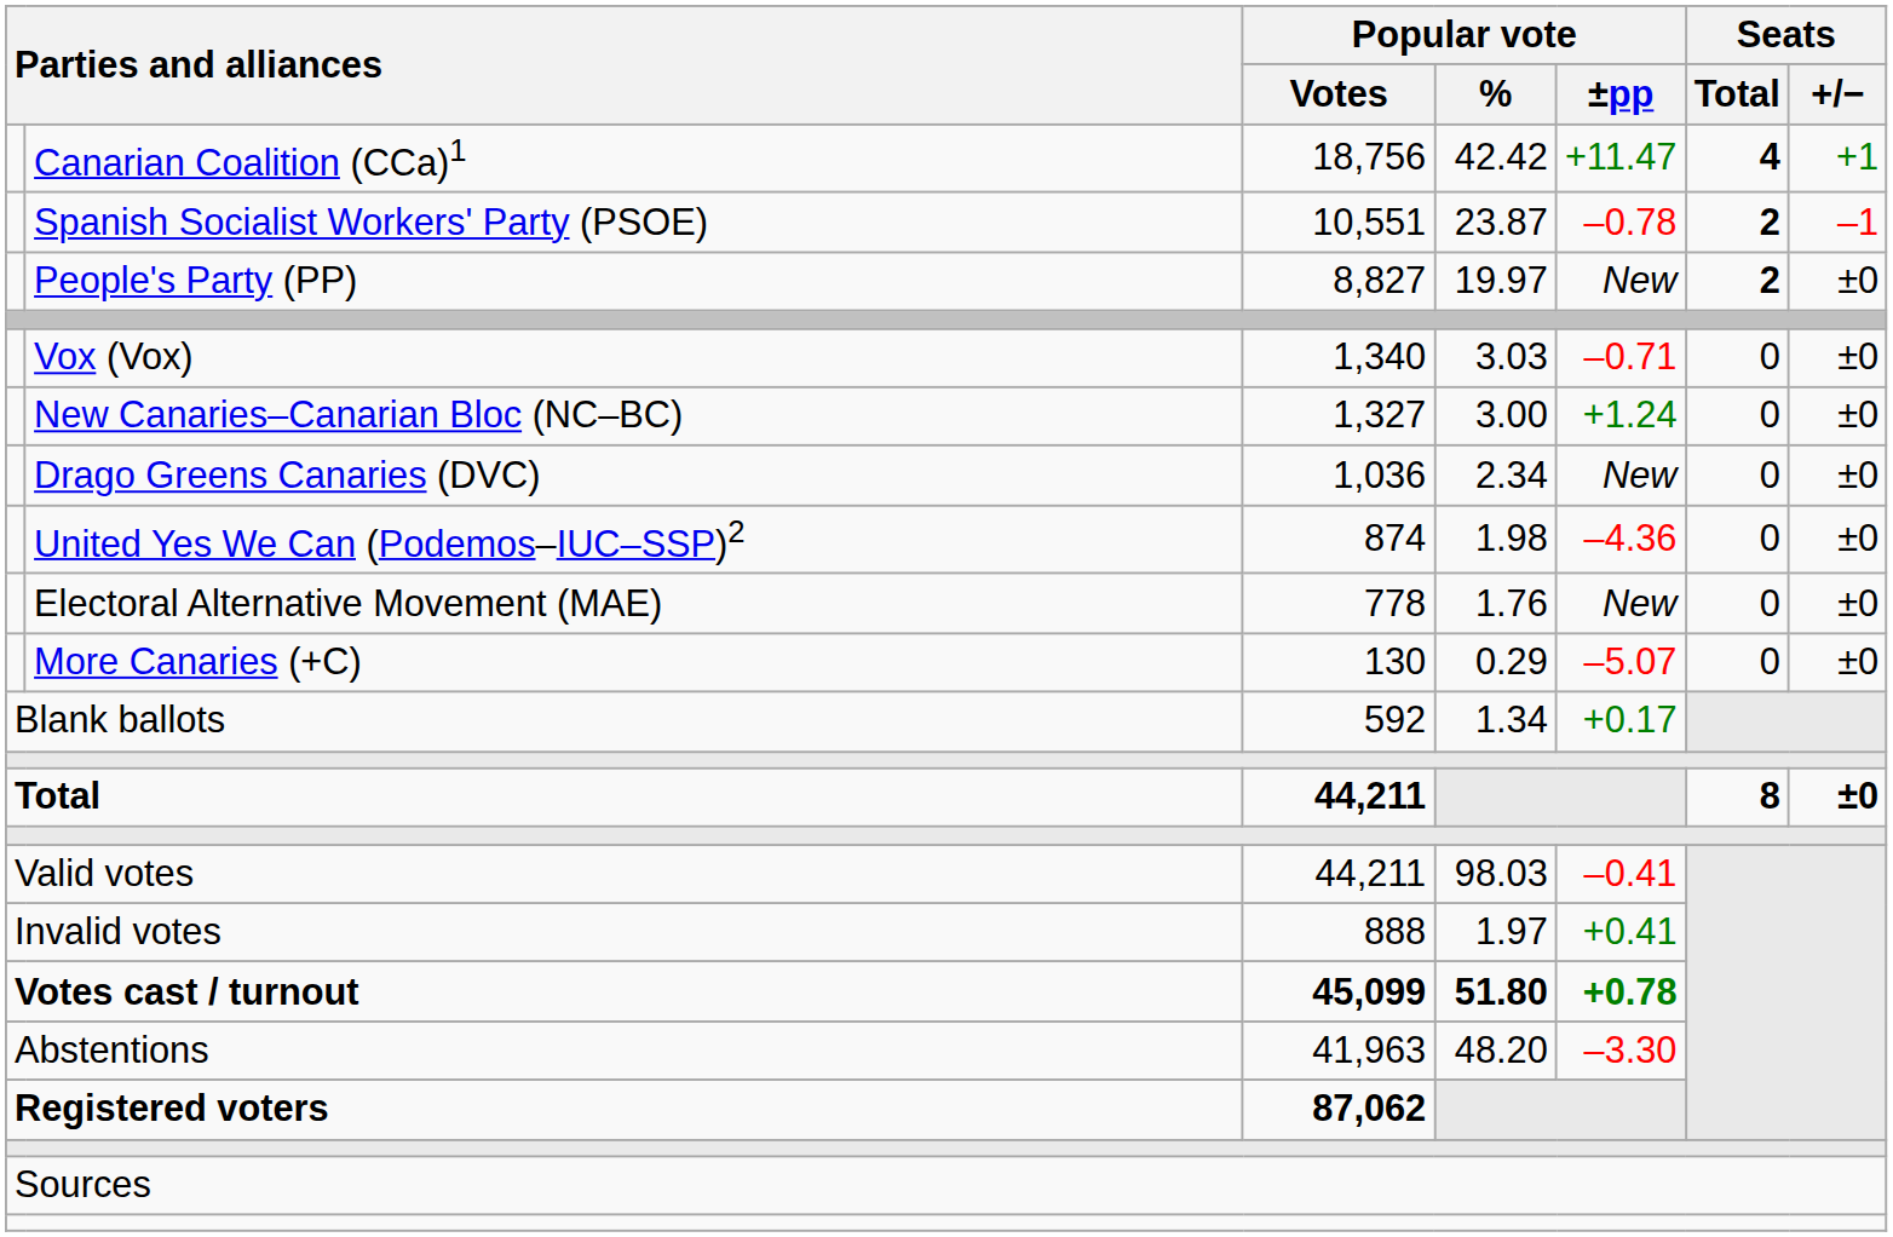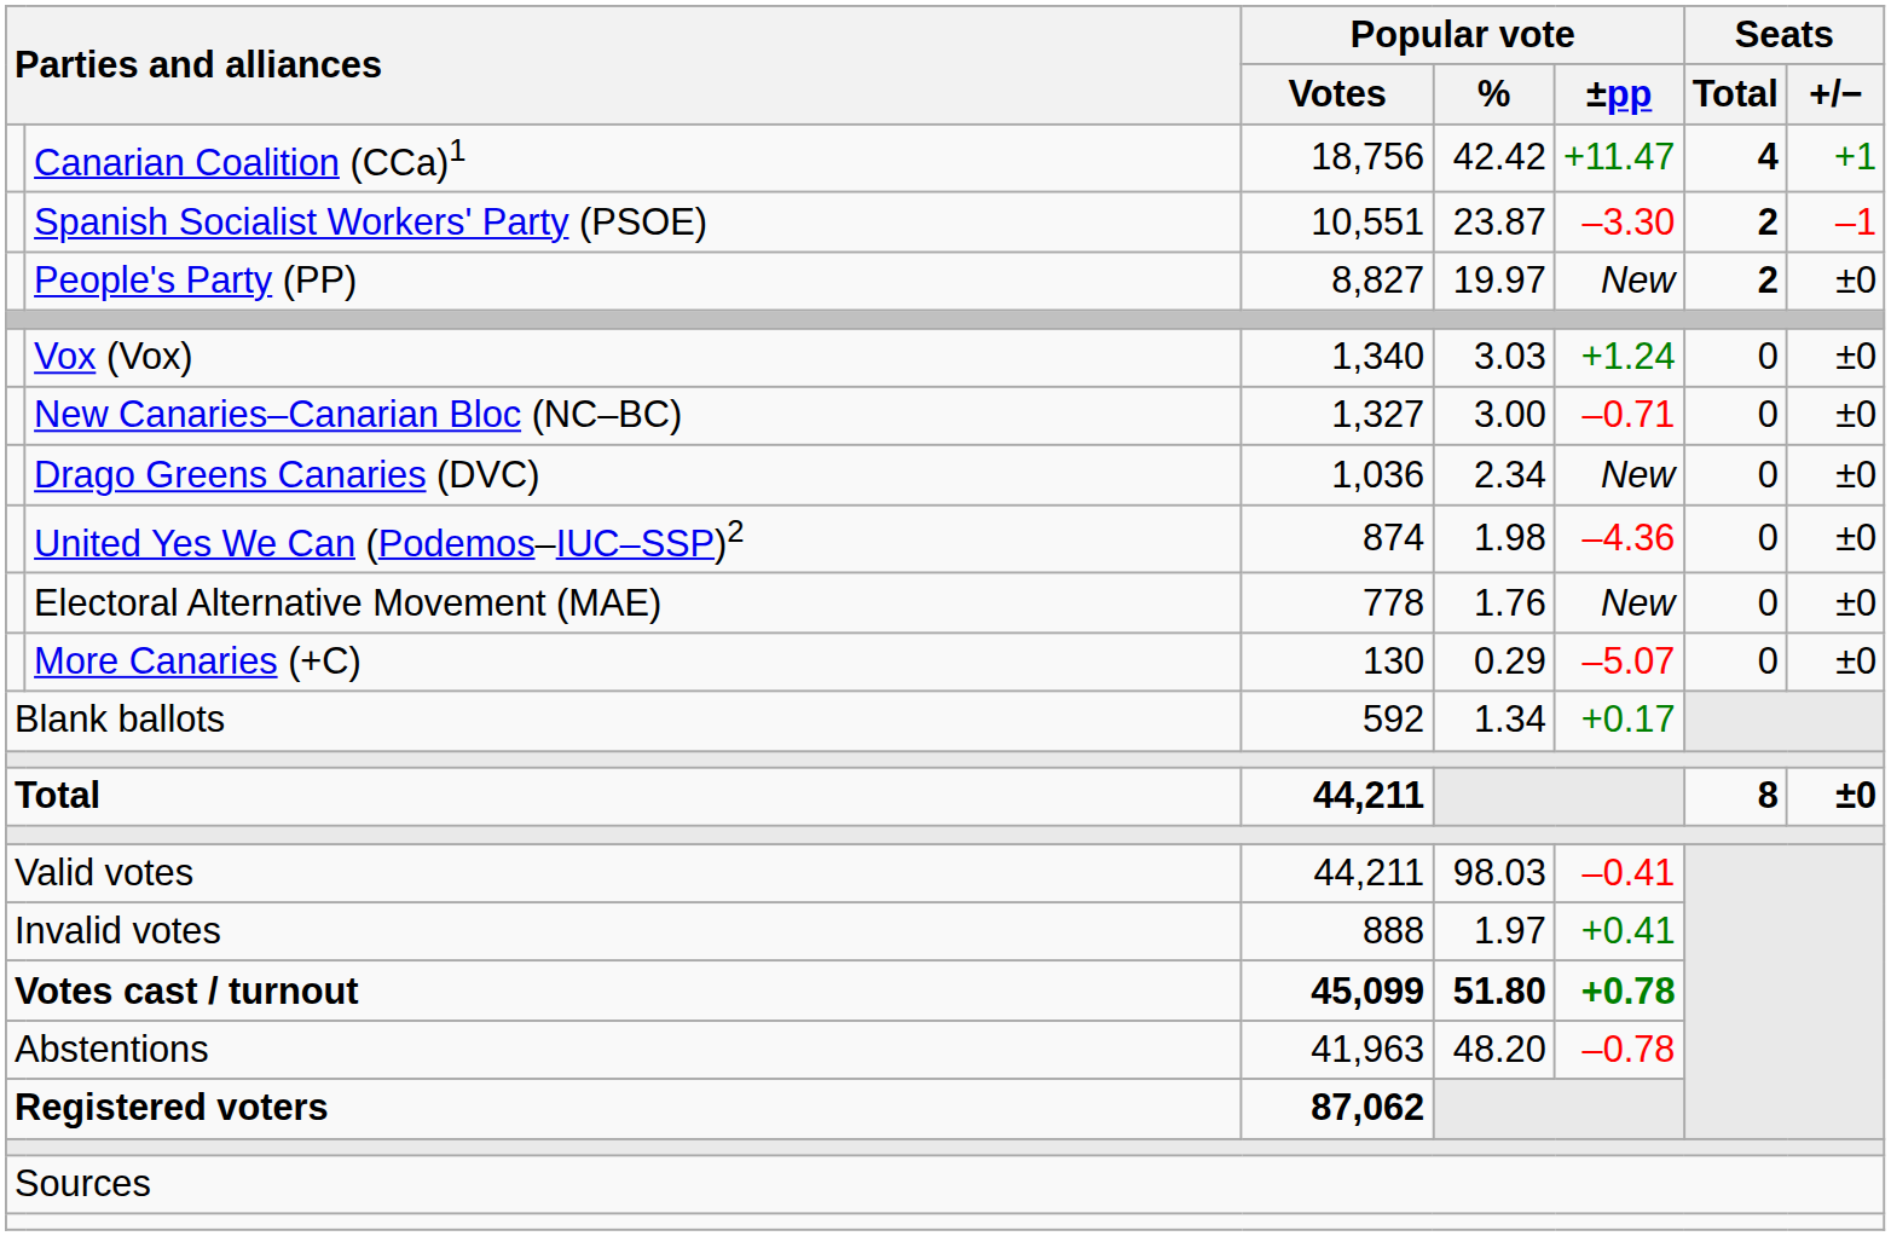 <table class="wikitable" style="text-align:right;">
 <tr>
 <th style="text-align:left;" rowspan="2" colspan="2" width="525">Parties and alliances</th>
 <th colspan="3">Popular vote</th>
 <th colspan="2">Seats</th>
 </tr>
 <tr>
 <th width="75">Votes</th>
 <th width="45">%</th>
 <th width="45">±<a href='#'>pp</a></th>
 <th width="35">Total</th>
 <th width="35">+/−</th>
 </tr>
 <tr>
 <td width="1" style="color:inherit;background:"></td>
 <td align="left"><a href='#'>Canarian Coalition</a> (CCa)<sup>1</sup></td>
 <td>18,756</td>
 <td>42.42</td>
 <td style="color:green;">+11.47</td>
 <td><strong>4</strong></td>
 <td style="color:green;">+1</td>
 </tr>
 <tr>
 <td style="color:inherit;background:"></td>
 <td align="left"><a href='#'>Spanish Socialist Workers' Party</a> (PSOE)</td>
 <td>10,551</td>
 <td>23.87</td>
-<td style="color:red;">–0.78</td>
+<td style="color:red;">–3.30</td>
 <td><strong>2</strong></td>
 <td style="color:red;">–1</td>
 </tr>
 <tr>
 <td style="color:inherit;background:"></td>
 <td align="left"><a href='#'>People's Party</a> (PP)</td>
 <td>8,827</td>
 <td>19.97</td>
 <td><em>New</em></td>
 <td><strong>2</strong></td>
 <td>±0</td>
 </tr>
 <tr>
 <td colspan="7" bgcolor="#C0C0C0"></td>
 </tr>
 <tr>
 <td style="color:inherit;background:"></td>
 <td align="left"><a href='#'>Vox</a> (Vox)</td>
 <td>1,340</td>
 <td>3.03</td>
-<td style="color:red;">–0.71</td>
+<td style="color:green;">+1.24</td>
 <td>0</td>
 <td>±0</td>
 </tr>
 <tr>
 <td style="color:inherit;background:"></td>
 <td align="left"><a href='#'>New Canaries–Canarian Bloc</a> (NC–BC)</td>
 <td>1,327</td>
 <td>3.00</td>
-<td style="color:green;">+1.24</td>
+<td style="color:red;">–0.71</td>
 <td>0</td>
 <td>±0</td>
 </tr>
 <tr>
 <td style="color:inherit;background:"></td>
 <td align="left"><a href='#'>Drago Greens Canaries</a> (DVC)</td>
 <td>1,036</td>
 <td>2.34</td>
 <td><em>New</em></td>
 <td>0</td>
 <td>±0</td>
 </tr>
 <tr>
 <td style="color:inherit;background:"></td>
 <td align="left"><a href='#'>United Yes We Can</a> (<a href='#'>Podemos</a>–<a href='#'>IUC–SSP</a>)<sup>2</sup></td>
 <td>874</td>
 <td>1.98</td>
 <td style="color:red;">–4.36</td>
 <td>0</td>
 <td>±0</td>
 </tr>
 <tr>
 <td style="color:inherit;background:"></td>
 <td align="left">Electoral Alternative Movement (MAE)</td>
 <td>778</td>
 <td>1.76</td>
 <td><em>New</em></td>
 <td>0</td>
 <td>±0</td>
 </tr>
 <tr>
 <td style="color:inherit;background:"></td>
 <td align="left"><a href='#'>More Canaries</a> (+C)</td>
 <td>130</td>
 <td>0.29</td>
 <td style="color:red;">–5.07</td>
 <td>0</td>
 <td>±0</td>
 </tr>
 <tr>
 <td align="left" colspan="2">Blank ballots</td>
 <td>592</td>
 <td>1.34</td>
 <td style="color:green;">+0.17</td>
 <td bgcolor="#E9E9E9" colspan="2"></td>
 </tr>
 <tr>
 <td colspan="7" bgcolor="#E9E9E9"></td>
 </tr>
 <tr style="font-weight:bold;">
 <td align="left" colspan="2">Total</td>
 <td>44,211</td>
 <td bgcolor="#E9E9E9" colspan="2"></td>
 <td>8</td>
 <td>±0</td>
 </tr>
 <tr>
 <td colspan="7" bgcolor="#E9E9E9"></td>
 </tr>
 <tr>
 <td align="left" colspan="2">Valid votes</td>
 <td>44,211</td>
 <td>98.03</td>
 <td style="color:red;">–0.41</td>
 <td bgcolor="#E9E9E9" colspan="2" rowspan="5"></td>
 </tr>
 <tr>
 <td align="left" colspan="2">Invalid votes</td>
 <td>888</td>
 <td>1.97</td>
 <td style="color:green;">+0.41</td>
 </tr>
 <tr style="font-weight:bold;">
 <td align="left" colspan="2">Votes cast / turnout</td>
 <td>45,099</td>
 <td>51.80</td>
 <td style="color:green;">+0.78</td>
 </tr>
 <tr>
 <td align="left" colspan="2">Abstentions</td>
 <td>41,963</td>
 <td>48.20</td>
-<td style="color:red;">–3.30</td>
+<td style="color:red;">–0.78</td>
 </tr>
 <tr style="font-weight:bold;">
 <td align="left" colspan="2">Registered voters</td>
 <td>87,062</td>
 <td bgcolor="#E9E9E9" colspan="2"></td>
 </tr>
 <tr>
 <td colspan="7" bgcolor="#E9E9E9"></td>
 </tr>
 <tr>
 <td align="left" colspan="7">Sources</td>
 </tr>
 <tr>
 <td colspan="9" style="text-align:left;font-size:95%;max-width:790px;"></td>
 </tr>
 </table>
